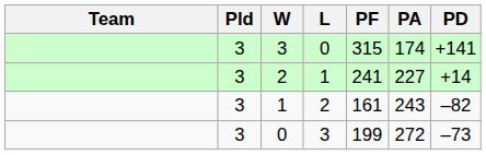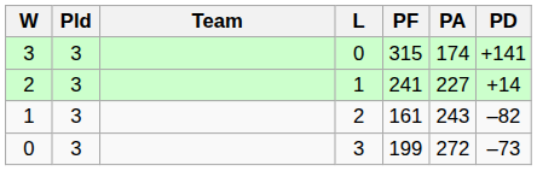 <table class="wikitable" style="text-align:center;">
 <tr>
+<th width=30>W</th>
+<th width=30>Pld</th>
 <th width=180>Team</th>
-<th width=30>Pld</th>
-<th width=30>W</th>
 <th width=30>L</th>
 <th width=30>PF</th>
 <th width=30>PA</th>
 <th width=30>PD</th>
 </tr>
 <tr bgcolor=#ccffcc>
-<td align=left></td>
 <td>3</td>
 <td>3</td>
+<td align=left></td>
 <td>0</td>
 <td>315</td>
 <td>174</td>
 <td>+141</td>
 </tr>
 <tr bgcolor=#ccffcc>
+<td>2</td>
+<td>3</td>
 <td align=left></td>
-<td>3</td>
-<td>2</td>
 <td>1</td>
 <td>241</td>
 <td>227</td>
 <td>+14</td>
 </tr>
 <tr>
+<td>1</td>
+<td>3</td>
 <td align=left></td>
-<td>3</td>
-<td>1</td>
 <td>2</td>
 <td>161</td>
 <td>243</td>
 <td>–82</td>
 </tr>
 <tr>
+<td>0</td>
+<td>3</td>
 <td align=left></td>
-<td>3</td>
-<td>0</td>
 <td>3</td>
 <td>199</td>
 <td>272</td>
 <td>–73</td>
 </tr>
 </table>
